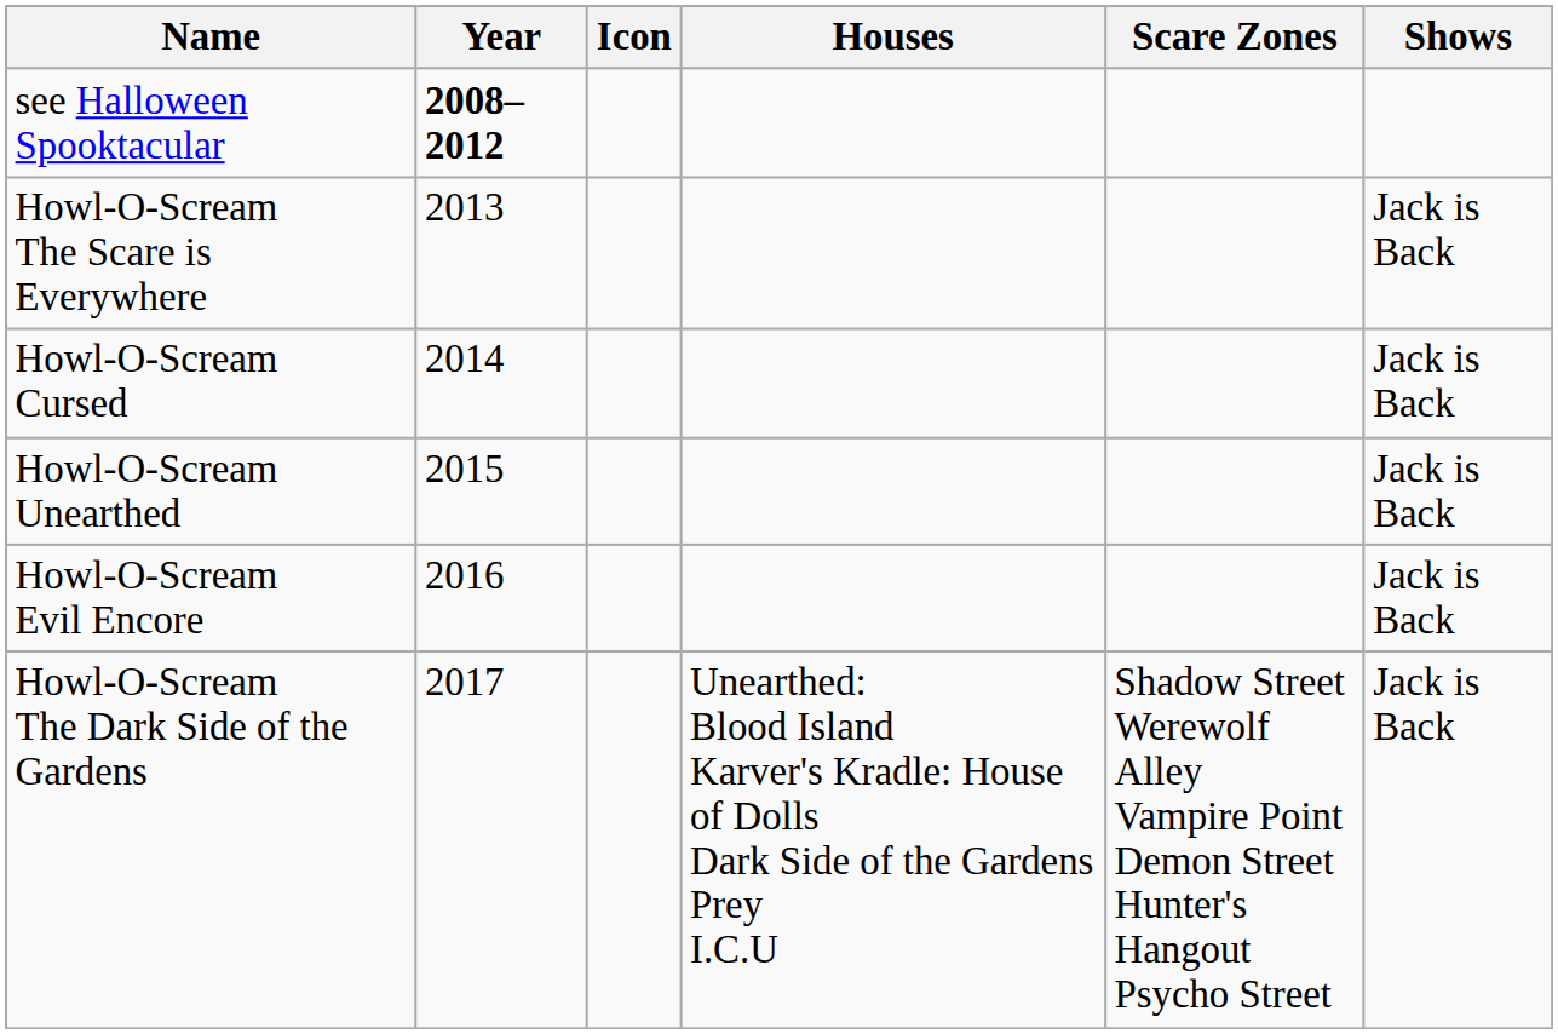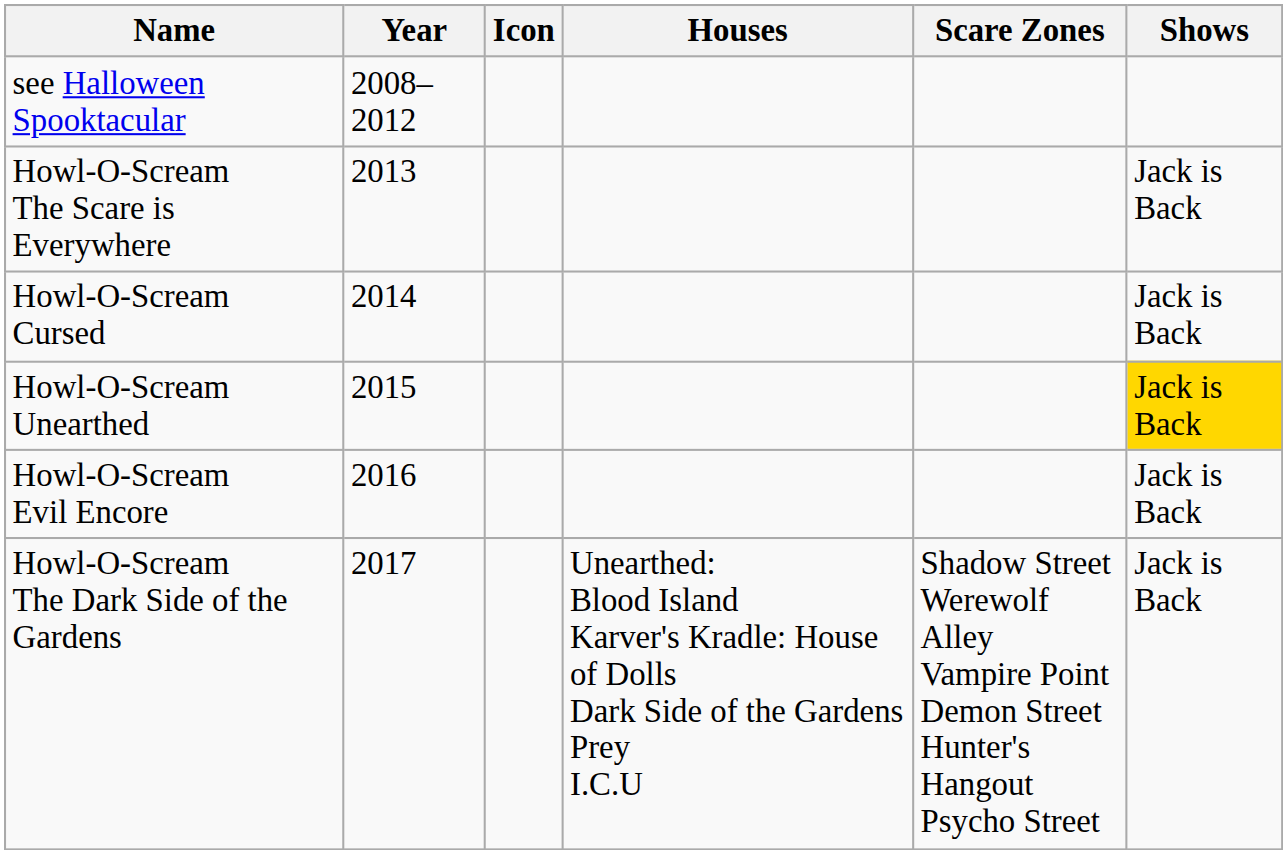 <table class="wikitable collapsible collapsed" style="width:100%">
 <tr>
 <th>Name</th>
 <th>Year</th>
 <th>Icon</th>
 <th>Houses</th>
 <th>Scare Zones</th>
 <th>Shows</th>
 </tr>
 <tr valign="top">
 <td>see <a href='#'>Halloween Spooktacular</a></td>
-<td><strong>2008–2012</strong></td>
+<td>2008–2012</td>
 <td></td>
 <td></td>
 <td></td>
 <td></td>
 </tr>
 <tr valign="top">
 <td>Howl-O-Scream<br> The Scare is Everywhere</td>
 <td>2013</td>
 <td></td>
 <td><br></td>
 <td><br></td>
 <td>Jack is Back<br></td>
 </tr>
 <tr valign="top">
 <td>Howl-O-Scream<br> Cursed</td>
 <td>2014</td>
 <td></td>
 <td></td>
 <td></td>
 <td>Jack is Back</td>
 </tr>
 <tr valign="top">
 <td>Howl-O-Scream<br> Unearthed</td>
 <td>2015</td>
 <td></td>
 <td></td>
 <td></td>
-<td>Jack is Back</td>
+<td style="background: gold;">Jack is Back</td>
 </tr>
 <tr valign="top">
 <td>Howl-O-Scream<br> Evil Encore</td>
 <td>2016</td>
 <td></td>
 <td></td>
 <td></td>
 <td>Jack is Back</td>
 </tr>
 <tr valign="top">
 <td>Howl-O-Scream<br> The Dark Side of the Gardens</td>
 <td>2017</td>
 <td></td>
 <td>Unearthed:<br>Blood Island<br>Karver's Kradle: House of Dolls<br>Dark Side of the Gardens<br>Prey<br>I.C.U</td>
 <td>Shadow Street<br>Werewolf Alley<br>Vampire Point<br>Demon Street<br>Hunter's Hangout<br>Psycho Street</td>
 <td>Jack is Back<br></td>
 </tr>
 <tr>
 </tr>
 </table>
